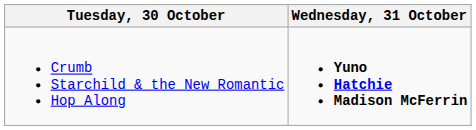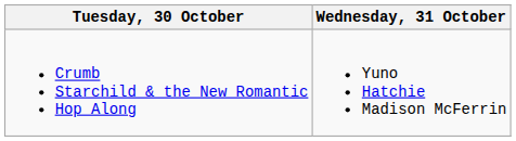 <table class="wikitable">
 <tr>
 <th>Tuesday, 30 October</th>
 <th>Wednesday, 31 October</th>
 </tr>
 <tr valign="top">
 <td><br><ul><li><a href='#'>Crumb</a></li><li><a href='#'>Starchild & the New Romantic</a></li><li><a href='#'>Hop Along</a></li></ul></td>
-<td><strong><br><ul><li>Yuno</li><li><a href='#'>Hatchie</a></li><li>Madison McFerrin</li></ul></strong></td>
+<td><br><ul><li>Yuno</li><li><a href='#'>Hatchie</a></li><li>Madison McFerrin</li></ul></td>
 </tr>
 </table>
